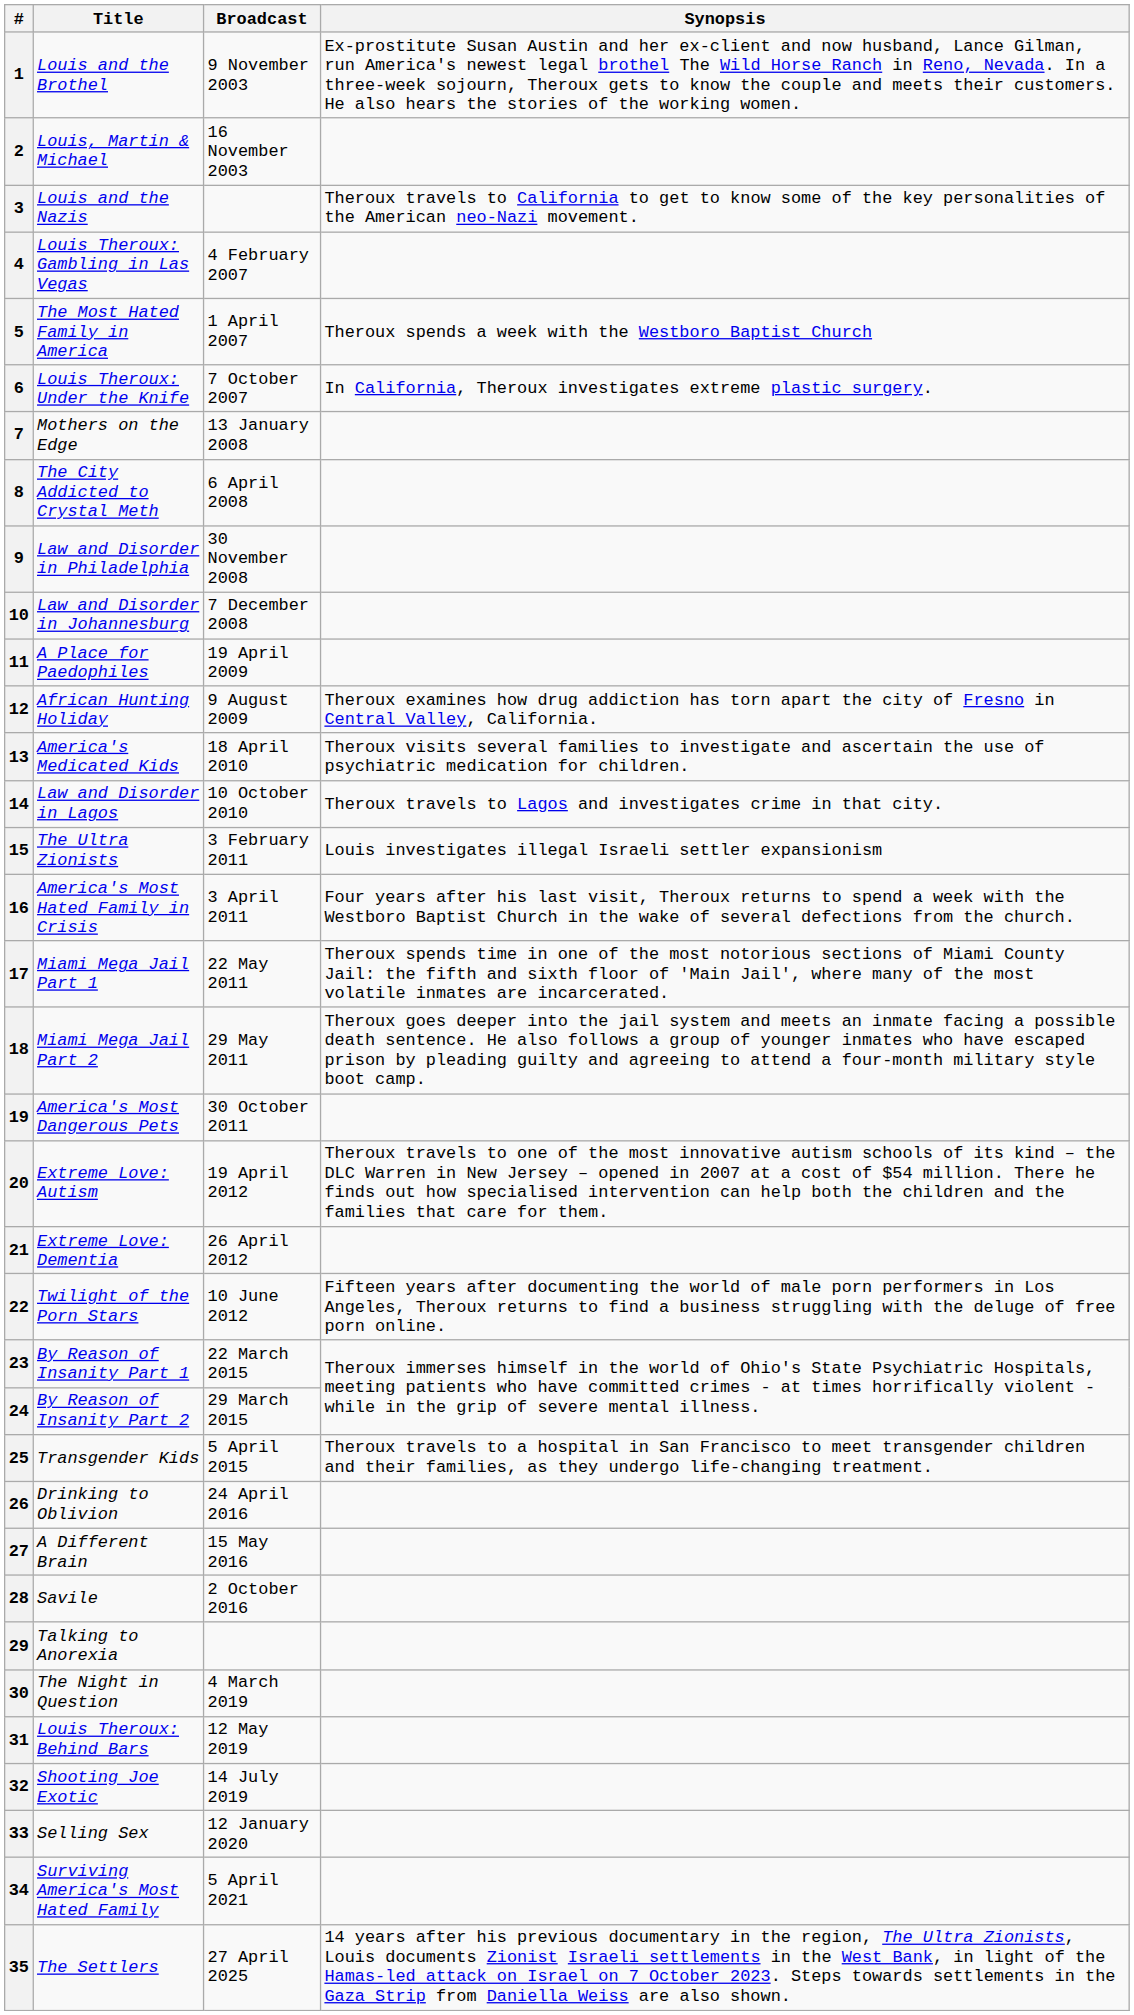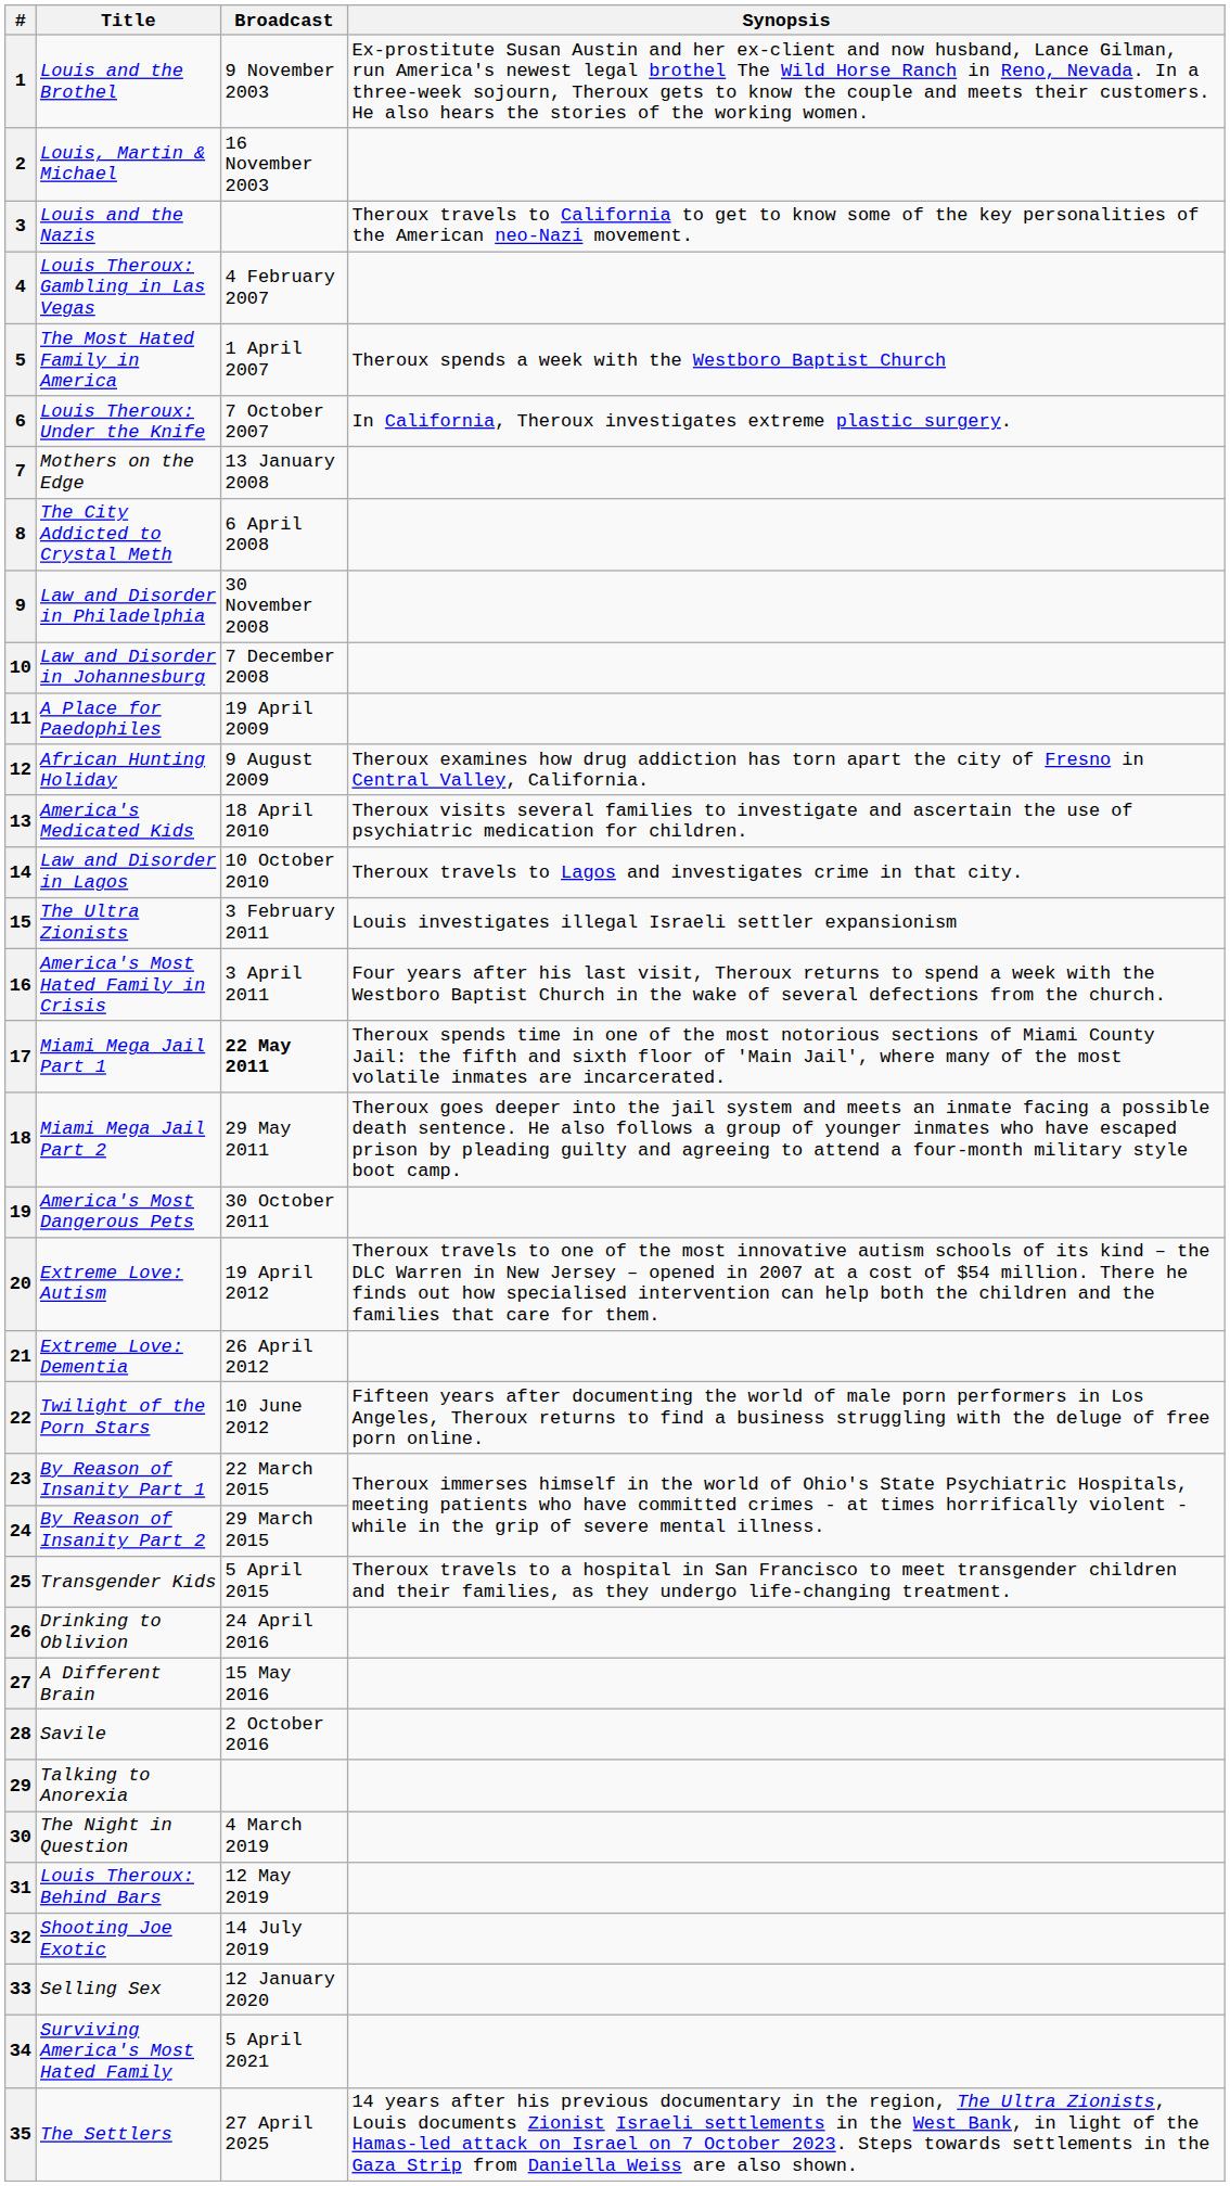 <table class="wikitable" style="width:98%;">
 <tr>
 <th>#</th>
 <th style="width:125px;">Title</th>
 <th>Broadcast</th>
 <th>Synopsis</th>
 </tr>
 <tr>
 <th>1</th>
 <td><em><a href='#'>Louis and the Brothel</a></em></td>
 <td>9 November 2003</td>
 <td>Ex-prostitute Susan Austin and her ex-client and now husband, Lance Gilman, run America's newest legal <a href='#'>brothel</a> The <a href='#'>Wild Horse Ranch</a> in <a href='#'>Reno, Nevada</a>. In a three-week sojourn, Theroux gets to know the couple and meets their customers. He also hears the stories of the working women.</td>
 </tr>
 <tr>
 <th>2</th>
 <td><em><a href='#'>Louis, Martin & Michael</a></em></td>
 <td>16 November 2003</td>
 <td></td>
 </tr>
 <tr>
 <th>3</th>
 <td><em><a href='#'>Louis and the Nazis</a></em></td>
 <td></td>
 <td>Theroux travels to <a href='#'>California</a> to get to know some of the key personalities of the American <a href='#'>neo-Nazi</a> movement.</td>
 </tr>
 <tr>
 <th>4</th>
 <td><em><a href='#'>Louis Theroux: Gambling in Las Vegas</a></em></td>
 <td>4 February 2007</td>
 <td></td>
 </tr>
 <tr>
 <th>5</th>
 <td><em><a href='#'>The Most Hated Family in America</a></em></td>
 <td>1 April 2007</td>
 <td>Theroux spends a week with the <a href='#'>Westboro Baptist Church</a></td>
 </tr>
 <tr>
 <th>6</th>
 <td><em><a href='#'>Louis Theroux: Under the Knife</a></em></td>
 <td>7 October 2007</td>
 <td>In <a href='#'>California</a>, Theroux investigates extreme <a href='#'>plastic surgery</a>.</td>
 </tr>
 <tr>
 <th>7</th>
 <td><em>Mothers on the Edge</em></td>
 <td>13 January 2008</td>
 <td></td>
 </tr>
 <tr>
 <th>8</th>
 <td><em><a href='#'>The City Addicted to Crystal Meth</a></em></td>
 <td>6 April 2008</td>
 <td></td>
 </tr>
 <tr>
 <th>9</th>
 <td><em><a href='#'>Law and Disorder in Philadelphia</a></em></td>
 <td>30 November 2008</td>
 <td></td>
 </tr>
 <tr>
 <th>10</th>
 <td><em><a href='#'>Law and Disorder in Johannesburg</a></em></td>
 <td>7 December 2008</td>
 <td></td>
 </tr>
 <tr>
 <th>11</th>
 <td><em><a href='#'>A Place for Paedophiles</a></em></td>
 <td>19 April 2009</td>
 <td></td>
 </tr>
 <tr>
 <th>12</th>
 <td><em><a href='#'>African Hunting Holiday</a></em></td>
 <td>9 August 2009</td>
 <td>Theroux examines how drug addiction has torn apart the city of <a href='#'>Fresno</a> in <a href='#'>Central Valley</a>, California.</td>
 </tr>
 <tr>
 <th>13</th>
 <td><em><a href='#'>America's Medicated Kids</a></em></td>
 <td>18 April 2010</td>
 <td>Theroux visits several families to investigate and ascertain the use of psychiatric medication for children.</td>
 </tr>
 <tr>
 <th>14</th>
 <td><em><a href='#'>Law and Disorder in Lagos</a></em></td>
 <td>10 October 2010</td>
 <td>Theroux travels to <a href='#'>Lagos</a> and investigates crime in that city.</td>
 </tr>
 <tr>
 <th>15</th>
 <td><em><a href='#'>The Ultra Zionists</a></em></td>
 <td>3 February 2011</td>
 <td>Louis investigates illegal Israeli settler expansionism</td>
 </tr>
 <tr>
 <th>16</th>
 <td><em><a href='#'>America's Most Hated Family in Crisis</a></em></td>
 <td>3 April 2011</td>
 <td>Four years after his last visit, Theroux returns to spend a week with the Westboro Baptist Church in the wake of several defections from the church.</td>
 </tr>
 <tr>
 <th>17</th>
 <td><em><a href='#'>Miami Mega Jail Part 1</a></em></td>
-<td>22 May 2011</td>
+<td><strong>22 May 2011</strong></td>
 <td>Theroux spends time in one of the most notorious sections of Miami County Jail: the fifth and sixth floor of 'Main Jail', where many of the most volatile inmates are incarcerated.</td>
 </tr>
 <tr>
 <th>18</th>
 <td><em><a href='#'>Miami Mega Jail Part 2</a></em></td>
 <td>29 May 2011</td>
 <td>Theroux goes deeper into the jail system and meets an inmate facing a possible death sentence. He also follows a group of younger inmates who have escaped prison by pleading guilty and agreeing to attend a four-month military style boot camp.</td>
 </tr>
 <tr>
 <th>19</th>
 <td><em><a href='#'>America's Most Dangerous Pets</a></em></td>
 <td>30 October 2011</td>
 <td></td>
 </tr>
 <tr>
 <th>20</th>
 <td><em><a href='#'>Extreme Love: Autism</a></em></td>
 <td>19 April 2012</td>
 <td>Theroux travels to one of the most innovative autism schools of its kind – the DLC Warren in New Jersey – opened in 2007 at a cost of $54 million. There he finds out how specialised intervention can help both the children and the families that care for them.</td>
 </tr>
 <tr>
 <th>21</th>
 <td><em><a href='#'>Extreme Love: Dementia</a></em></td>
 <td>26 April 2012</td>
 <td></td>
 </tr>
 <tr>
 <th>22</th>
 <td><em><a href='#'>Twilight of the Porn Stars</a></em></td>
 <td>10 June 2012</td>
 <td>Fifteen years after documenting the world of male porn performers in Los Angeles, Theroux returns to find a business struggling with the deluge of free porn online.</td>
 </tr>
 <tr>
 <th>23</th>
 <td><em><a href='#'>By Reason of Insanity Part 1</a></em></td>
 <td>22 March 2015</td>
 <td rowspan="2">Theroux immerses himself in the world of Ohio's State Psychiatric Hospitals, meeting patients who have committed crimes - at times horrifically violent - while in the grip of severe mental illness.</td>
 </tr>
 <tr>
 <th>24</th>
 <td><em><a href='#'>By Reason of Insanity Part 2</a></em></td>
 <td>29 March 2015</td>
 </tr>
 <tr>
 <th>25</th>
 <td><em>Transgender Kids</em></td>
 <td>5 April 2015</td>
 <td>Theroux travels to a hospital in San Francisco to meet transgender children and their families, as they undergo life-changing treatment.</td>
 </tr>
 <tr>
 <th>26</th>
 <td><em>Drinking to Oblivion</em></td>
 <td>24 April 2016</td>
 <td></td>
 </tr>
 <tr>
 <th>27</th>
 <td><em>A Different Brain</em></td>
 <td>15 May 2016</td>
 <td></td>
 </tr>
 <tr>
 <th>28</th>
 <td><em>Savile</em></td>
 <td>2 October 2016</td>
 <td></td>
 </tr>
 <tr>
 <th>29</th>
 <td><em>Talking to Anorexia</em></td>
 <td></td>
 <td></td>
 </tr>
 <tr>
 <th>30</th>
 <td><em>The Night in Question</em></td>
 <td>4 March 2019</td>
 <td></td>
 </tr>
 <tr>
 <th>31</th>
 <td><em><a href='#'>Louis Theroux: Behind Bars</a></em></td>
 <td>12 May 2019</td>
 <td></td>
 </tr>
 <tr>
 <th>32</th>
 <td><em><a href='#'>Shooting Joe Exotic</a></em></td>
 <td>14 July 2019</td>
 <td></td>
 </tr>
 <tr>
 <th>33</th>
 <td><em>Selling Sex</em></td>
 <td>12 January 2020</td>
 <td></td>
 </tr>
 <tr>
 <th>34</th>
 <td><em><a href='#'>Surviving America's Most Hated Family</a></em></td>
 <td>5 April 2021</td>
 <td></td>
 </tr>
 <tr>
 <th>35</th>
 <td><em><a href='#'>The Settlers</a></em></td>
 <td>27 April 2025</td>
 <td>14 years after his previous documentary in the region, <em><a href='#'>The Ultra Zionists</a></em>, Louis documents <a href='#'>Zionist</a> <a href='#'>Israeli settlements</a> in the <a href='#'>West Bank</a>, in light of the <a href='#'>Hamas-led attack on Israel on 7 October 2023</a>. Steps towards settlements in the <a href='#'>Gaza Strip</a> from <a href='#'>Daniella Weiss</a> are also shown.</td>
 </tr>
 </table>
